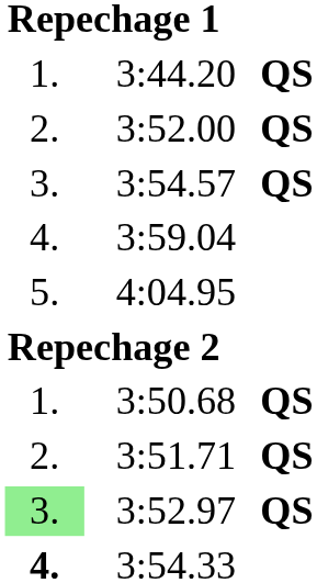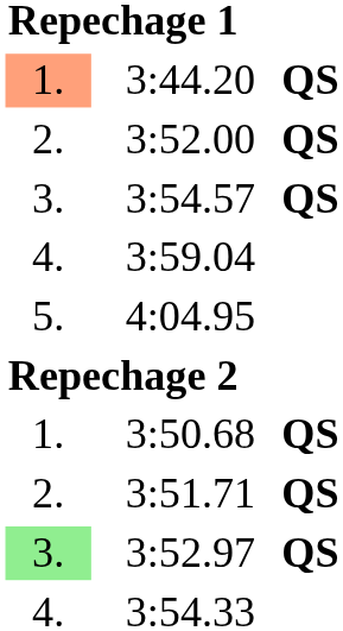 <table style="text-align:center">
 <tr>
 <td colspan=4 align=left><strong>Repechage 1</strong></td>
 </tr>
 <tr>
-<td width=30>1.</td>
+<td width=30 style="background: lightsalmon;">1.</td>
 <td align=left></td>
 <td width=60>3:44.20</td>
 <td><strong>QS</strong></td>
 </tr>
 <tr>
 <td>2.</td>
 <td align=left></td>
 <td>3:52.00</td>
 <td><strong>QS</strong></td>
 </tr>
 <tr>
 <td>3.</td>
 <td align=left></td>
 <td>3:54.57</td>
 <td><strong>QS</strong></td>
 </tr>
 <tr>
 <td>4.</td>
 <td align=left></td>
 <td>3:59.04</td>
 <td></td>
 </tr>
 <tr>
 <td>5.</td>
 <td align=left></td>
 <td>4:04.95</td>
 <td></td>
 </tr>
 <tr>
 <td colspan=4 align=left><strong>Repechage 2</strong></td>
 </tr>
 <tr>
 <td>1.</td>
 <td align=left></td>
 <td>3:50.68</td>
 <td><strong>QS</strong></td>
 </tr>
 <tr>
 <td>2.</td>
 <td align=left></td>
 <td>3:51.71</td>
 <td><strong>QS</strong></td>
 </tr>
 <tr>
 <td style="background: lightgreen;">3.</td>
 <td align=left></td>
 <td>3:52.97</td>
 <td><strong>QS</strong></td>
 </tr>
 <tr>
-<td><strong>4.</strong></td>
+<td>4.</td>
 <td align=left></td>
 <td>3:54.33</td>
 <td></td>
 </tr>
 </table>
